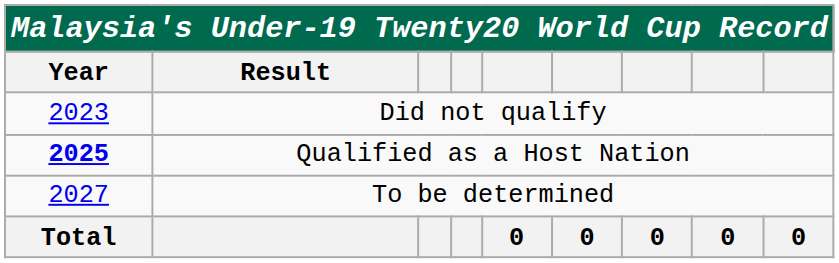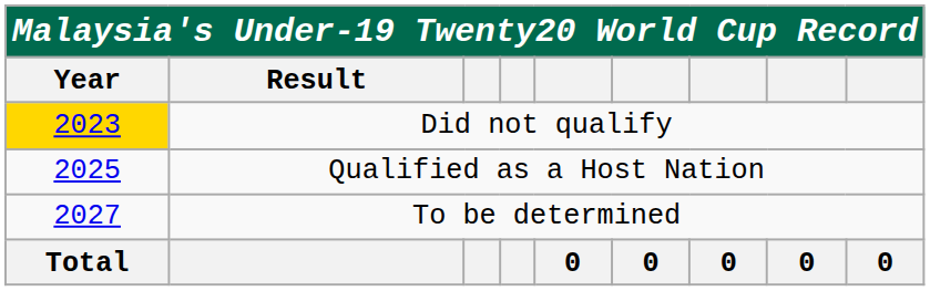 <table class="wikitable" style="text-align:center">
 <tr>
 <th style="color:white; background:#006A4E;" colspan=9><strong><big><em>Malaysia's Under-19 Twenty20 World Cup Record</em></big></strong></th>
 </tr>
 <tr>
 <th>Year</th>
 <th>Result</th>
 <th></th>
 <th></th>
 <th></th>
 <th></th>
 <th></th>
 <th></th>
 <th></th>
 </tr>
 <tr>
-<td> <a href='#'>2023</a></td>
+<td style="background: gold;"> <a href='#'>2023</a></td>
 <td colspan=8>Did not qualify</td>
 </tr>
 <tr>
-<td><strong> <a href='#'>2025</a></strong></td>
+<td> <a href='#'>2025</a></td>
 <td colspan="8">Qualified as a Host Nation</td>
 </tr>
 <tr>
 <td> <a href='#'>2027</a></td>
 <td colspan="8">To be determined</td>
 </tr>
 <tr>
 <th>Total</th>
 <th></th>
 <th></th>
 <th></th>
 <th>0</th>
 <th>0</th>
 <th>0</th>
 <th>0</th>
 <th>0</th>
 </tr>
 </table>
